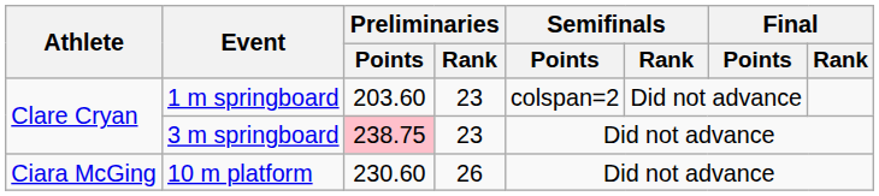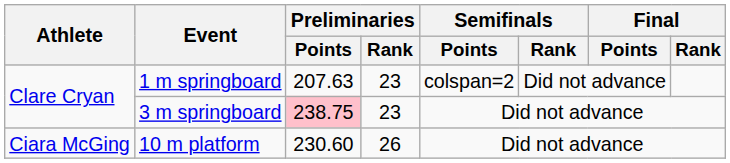 <table class="wikitable" style="text-align:center; font-size:90%">
 <tr>
 <th rowspan=2>Athlete</th>
 <th rowspan=2>Event</th>
 <th colspan=2>Preliminaries</th>
 <th colspan=2>Semifinals</th>
 <th colspan=2>Final</th>
 </tr>
 <tr style="font-size:95%">
 <th>Points</th>
 <th>Rank</th>
 <th>Points</th>
 <th>Rank</th>
 <th>Points</th>
 <th>Rank</th>
 </tr>
 <tr>
 <td align=left rowspan=2><a href='#'>Clare Cryan</a></td>
 <td align=left rowspan=1><a href='#'>1 m springboard</a></td>
-<td>203.60</td>
+<td>207.63</td>
 <td>23</td>
 <td>colspan=2 </td>
 <td colspan=2>Did not advance</td>
 </tr>
 <tr>
 <td align=left rowspan=1><a href='#'>3 m springboard</a></td>
 <td style="background: pink;">238.75</td>
 <td>23</td>
 <td colspan=4>Did not advance</td>
 </tr>
 <tr>
 <td align=left><a href='#'>Ciara McGing</a></td>
 <td align=left><a href='#'>10 m platform</a></td>
 <td>230.60</td>
 <td>26</td>
 <td colspan=4>Did not advance</td>
 </tr>
 </table>
